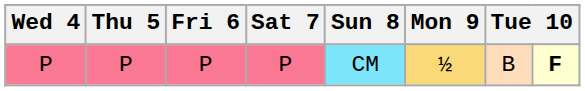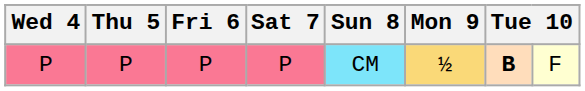 <table class="wikitable" style="margin:0.5em auto; font-size:90%; line-height:1.25em; text-align:center">
 <tr>
 <th>Wed 4</th>
 <th>Thu 5</th>
 <th>Fri 6</th>
 <th>Sat 7</th>
 <th>Sun 8</th>
 <th>Mon 9</th>
 <th colspan="2">Tue 10</th>
 </tr>
 <tr>
 <td bgcolor="#FA7894">P</td>
 <td bgcolor="#FA7894">P</td>
 <td bgcolor="#FA7894">P</td>
 <td bgcolor="#FA7894">P</td>
 <td bgcolor="#7DE5FA">CM</td>
 <td bgcolor="#FAD978">½</td>
-<td bgcolor="#fdb">B</td>
-<td bgcolor="#ffffd1"><strong>F</strong></td>
+<td bgcolor="#fdb"><strong>B</strong></td>
+<td bgcolor="#ffffd1">F</td>
 </tr>
 </table>
